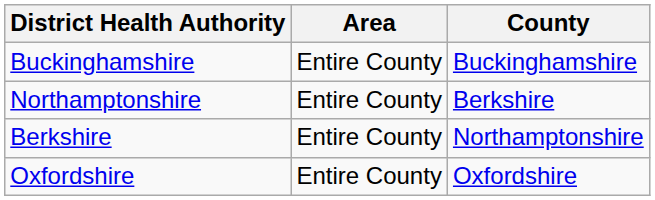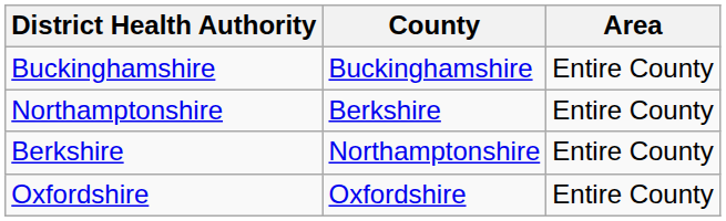 <table class="wikitable">
 <tr>
 <th>District Health Authority</th>
+<th>County</th>
 <th>Area</th>
-<th>County</th>
 </tr>
 <tr>
 <td><a href='#'>Buckinghamshire</a></td>
+<td><a href='#'>Buckinghamshire</a></td>
 <td>Entire County</td>
-<td><a href='#'>Buckinghamshire</a></td>
 </tr>
 <tr>
 <td><a href='#'>Northamptonshire</a></td>
+<td><a href='#'>Berkshire</a></td>
 <td>Entire County</td>
-<td><a href='#'>Berkshire</a></td>
 </tr>
 <tr>
 <td><a href='#'>Berkshire</a></td>
+<td><a href='#'>Northamptonshire</a></td>
 <td>Entire County</td>
-<td><a href='#'>Northamptonshire</a></td>
 </tr>
 <tr>
 <td><a href='#'>Oxfordshire</a></td>
+<td><a href='#'>Oxfordshire</a></td>
 <td>Entire County</td>
-<td><a href='#'>Oxfordshire</a></td>
 </tr>
 </table>
